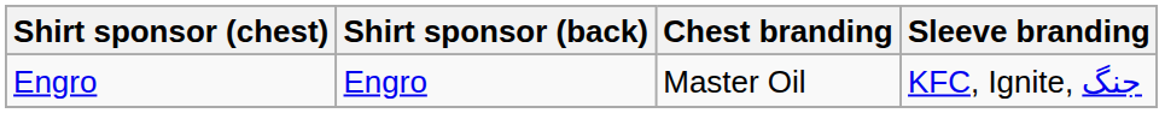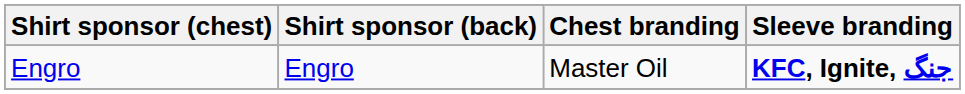 <table class="wikitable"  style="font-size:85%;">
 <tr>
 <th>Shirt sponsor (chest)</th>
 <th>Shirt sponsor (back)</th>
 <th>Chest branding</th>
 <th>Sleeve branding</th>
 </tr>
 <tr>
 <td><a href='#'>Engro</a></td>
 <td><a href='#'>Engro</a></td>
 <td>Master Oil</td>
-<td><a href='#'>KFC</a>, Ignite, <a href='#'>ﺟﻨﮓ</a></td>
+<td><strong><a href='#'>KFC</a>, Ignite, <a href='#'>ﺟﻨﮓ</a></strong></td>
 </tr>
 <tr>
 </tr>
 </table>
